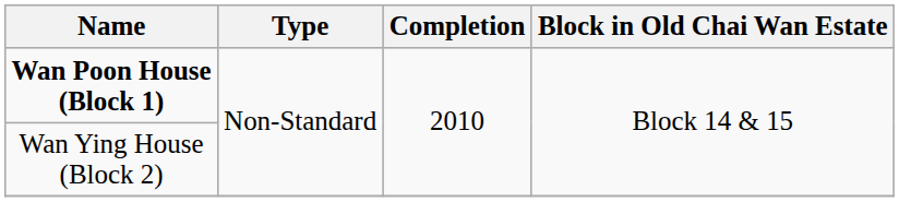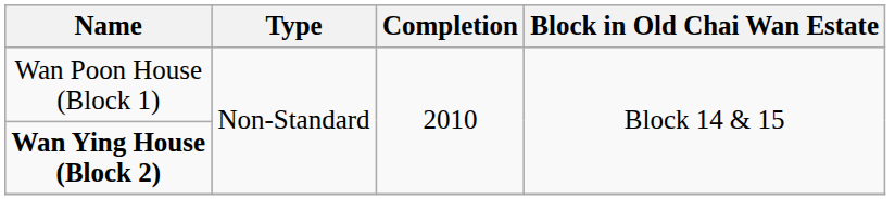 <table class="wikitable" style="text-align: center">
 <tr>
 <th>Name</th>
 <th>Type</th>
 <th>Completion</th>
 <th>Block in Old Chai Wan Estate</th>
 </tr>
 <tr>
-<td><strong>Wan Poon House<br>(Block 1)</strong></td>
+<td>Wan Poon House<br>(Block 1)</td>
 <td rowspan="2">Non-Standard</td>
 <td rowspan="2">2010</td>
 <td rowspan="2">Block 14 & 15</td>
 </tr>
 <tr>
-<td>Wan Ying House<br>(Block 2)</td>
+<td><strong>Wan Ying House<br>(Block 2)</strong></td>
 </tr>
 <tr>
 </tr>
 </table>
